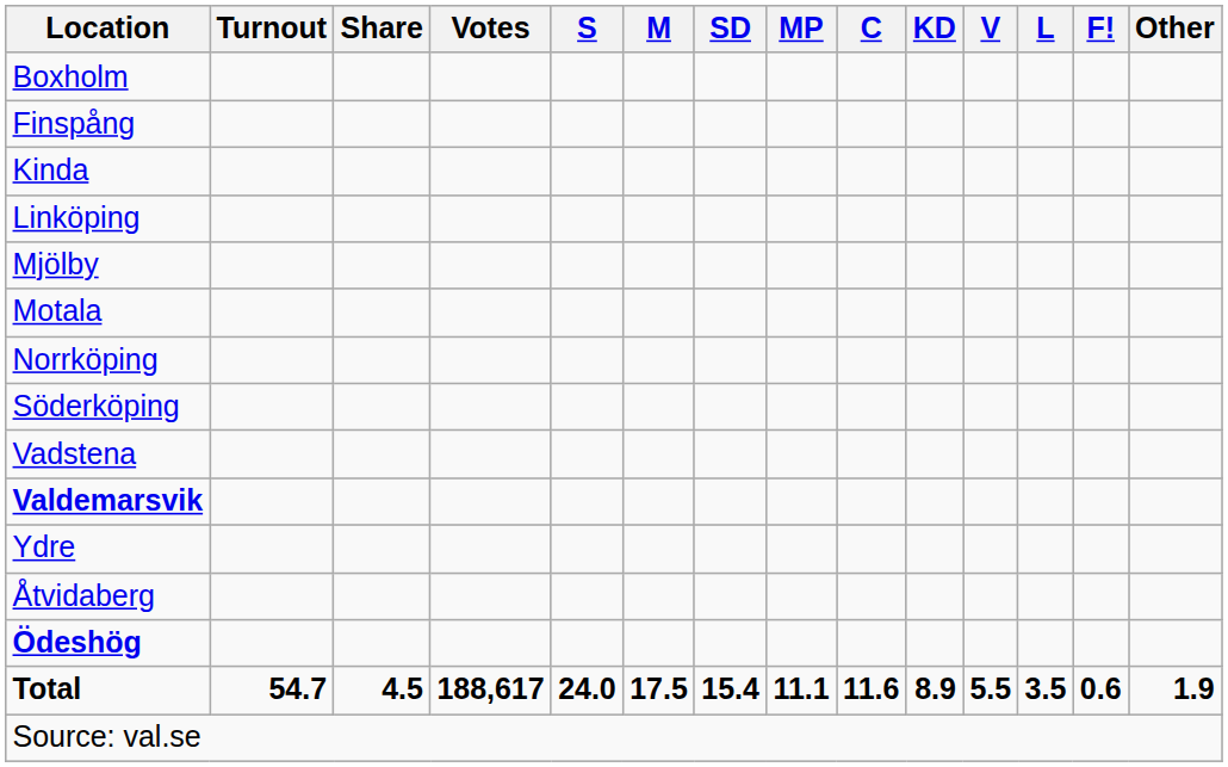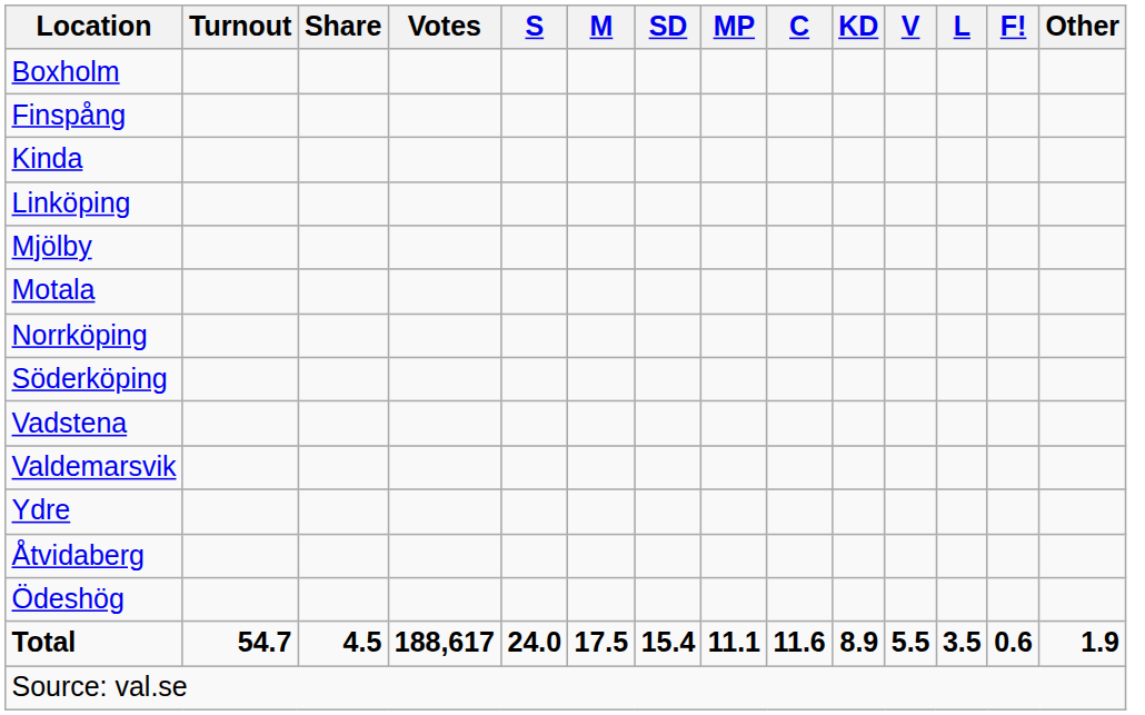 <table class="wikitable sortable" style=text-align:right>
 <tr>
 <th>Location</th>
 <th>Turnout</th>
 <th>Share</th>
 <th>Votes</th>
 <th><a href='#'>S</a></th>
 <th><a href='#'>M</a></th>
 <th><a href='#'>SD</a></th>
 <th><a href='#'>MP</a></th>
 <th><a href='#'>C</a></th>
 <th><a href='#'>KD</a></th>
 <th><a href='#'>V</a></th>
 <th><a href='#'>L</a></th>
 <th><a href='#'>F!</a></th>
 <th>Other</th>
 </tr>
 <tr>
 <td align=left><a href='#'>Boxholm</a></td>
 <td></td>
 <td></td>
 <td></td>
 <td></td>
 <td></td>
 <td></td>
 <td></td>
 <td></td>
 <td></td>
 <td></td>
 <td></td>
 <td></td>
 <td></td>
 </tr>
 <tr>
 <td align=left><a href='#'>Finspång</a></td>
 <td></td>
 <td></td>
 <td></td>
 <td></td>
 <td></td>
 <td></td>
 <td></td>
 <td></td>
 <td></td>
 <td></td>
 <td></td>
 <td></td>
 <td></td>
 </tr>
 <tr>
 <td align=left><a href='#'>Kinda</a></td>
 <td></td>
 <td></td>
 <td></td>
 <td></td>
 <td></td>
 <td></td>
 <td></td>
 <td></td>
 <td></td>
 <td></td>
 <td></td>
 <td></td>
 <td></td>
 </tr>
 <tr>
 <td align=left><a href='#'>Linköping</a></td>
 <td></td>
 <td></td>
 <td></td>
 <td></td>
 <td></td>
 <td></td>
 <td></td>
 <td></td>
 <td></td>
 <td></td>
 <td></td>
 <td></td>
 <td></td>
 </tr>
 <tr>
 <td align=left><a href='#'>Mjölby</a></td>
 <td></td>
 <td></td>
 <td></td>
 <td></td>
 <td></td>
 <td></td>
 <td></td>
 <td></td>
 <td></td>
 <td></td>
 <td></td>
 <td></td>
 <td></td>
 </tr>
 <tr>
 <td align=left><a href='#'>Motala</a></td>
 <td></td>
 <td></td>
 <td></td>
 <td></td>
 <td></td>
 <td></td>
 <td></td>
 <td></td>
 <td></td>
 <td></td>
 <td></td>
 <td></td>
 <td></td>
 </tr>
 <tr>
 <td align=left><a href='#'>Norrköping</a></td>
 <td></td>
 <td></td>
 <td></td>
 <td></td>
 <td></td>
 <td></td>
 <td></td>
 <td></td>
 <td></td>
 <td></td>
 <td></td>
 <td></td>
 <td></td>
 </tr>
 <tr>
 <td align=left><a href='#'>Söderköping</a></td>
 <td></td>
 <td></td>
 <td></td>
 <td></td>
 <td></td>
 <td></td>
 <td></td>
 <td></td>
 <td></td>
 <td></td>
 <td></td>
 <td></td>
 <td></td>
 </tr>
 <tr>
 <td align=left><a href='#'>Vadstena</a></td>
 <td></td>
 <td></td>
 <td></td>
 <td></td>
 <td></td>
 <td></td>
 <td></td>
 <td></td>
 <td></td>
 <td></td>
 <td></td>
 <td></td>
 <td></td>
 </tr>
 <tr>
-<td align=left><strong><a href='#'>Valdemarsvik</a></strong></td>
+<td align=left><a href='#'>Valdemarsvik</a></td>
 <td></td>
 <td></td>
 <td></td>
 <td></td>
 <td></td>
 <td></td>
 <td></td>
 <td></td>
 <td></td>
 <td></td>
 <td></td>
 <td></td>
 <td></td>
 </tr>
 <tr>
 <td align=left><a href='#'>Ydre</a></td>
 <td></td>
 <td></td>
 <td></td>
 <td></td>
 <td></td>
 <td></td>
 <td></td>
 <td></td>
 <td></td>
 <td></td>
 <td></td>
 <td></td>
 <td></td>
 </tr>
 <tr>
 <td align=left><a href='#'>Åtvidaberg</a></td>
 <td></td>
 <td></td>
 <td></td>
 <td></td>
 <td></td>
 <td></td>
 <td></td>
 <td></td>
 <td></td>
 <td></td>
 <td></td>
 <td></td>
 <td></td>
 </tr>
 <tr>
-<td align=left><strong><a href='#'>Ödeshög</a></strong></td>
+<td align=left><a href='#'>Ödeshög</a></td>
 <td></td>
 <td></td>
 <td></td>
 <td></td>
 <td></td>
 <td></td>
 <td></td>
 <td></td>
 <td></td>
 <td></td>
 <td></td>
 <td></td>
 <td></td>
 </tr>
 <tr>
 <td align=left><strong>Total</strong></td>
 <td><strong>54.7</strong></td>
 <td><strong>4.5</strong></td>
 <td><strong>188,617</strong></td>
 <td><strong>24.0</strong></td>
 <td><strong>17.5</strong></td>
 <td><strong>15.4</strong></td>
 <td><strong>11.1</strong></td>
 <td><strong>11.6</strong></td>
 <td><strong>8.9</strong></td>
 <td><strong>5.5</strong></td>
 <td><strong>3.5</strong></td>
 <td><strong>0.6</strong></td>
 <td><strong>1.9</strong></td>
 </tr>
 <tr>
 <td align=left colspan=14>Source: val.se </td>
 </tr>
 </table>
